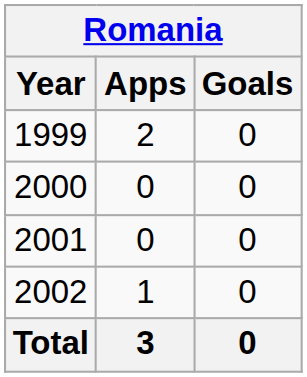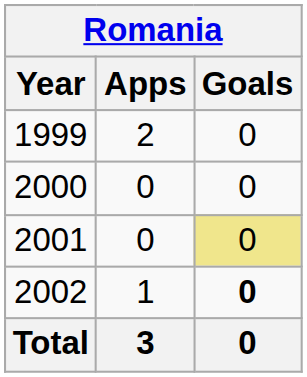 <table class="wikitable" style="text-align:center">
 <tr>
 <th colspan=3><a href='#'>Romania</a></th>
 </tr>
 <tr>
 <th>Year</th>
 <th>Apps</th>
 <th>Goals</th>
 </tr>
 <tr>
 <td>1999</td>
 <td>2</td>
 <td>0</td>
 </tr>
 <tr>
 <td>2000</td>
 <td>0</td>
 <td>0</td>
 </tr>
 <tr>
 <td>2001</td>
 <td>0</td>
-<td>0</td>
+<td style="background: khaki;">0</td>
 </tr>
 <tr>
 <td>2002</td>
 <td>1</td>
-<td>0</td>
+<td><strong>0</strong></td>
 </tr>
 <tr>
 <th>Total</th>
 <th>3</th>
 <th>0</th>
 </tr>
 </table>
